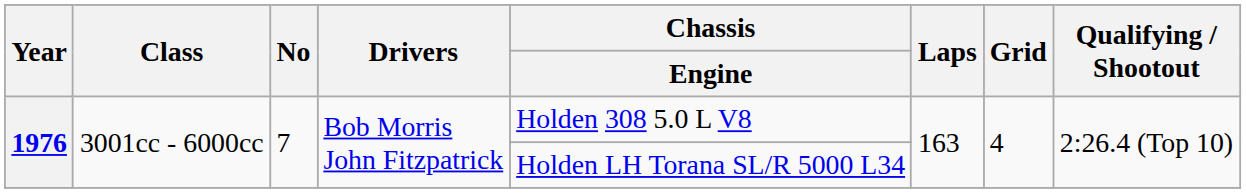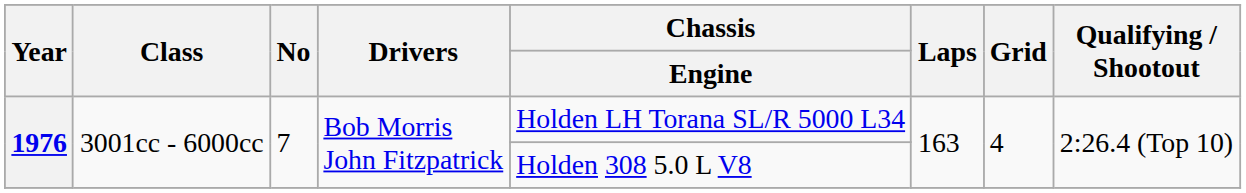 <table class="wikitable" style="font-size: 95%;">
 <tr>
 <th rowspan=2>Year</th>
 <th rowspan=2>Class</th>
 <th rowspan=2>No</th>
 <th rowspan=2>Drivers</th>
 <th>Chassis</th>
 <th rowspan=2>Laps</th>
 <th rowspan=2>Grid</th>
 <th rowspan=2>Qualifying /<br>Shootout</th>
 </tr>
 <tr>
 <th>Engine</th>
 </tr>
 <tr>
 <th rowspan=2><a href='#'>1976</a></th>
 <td rowspan=2>3001cc - 6000cc</td>
 <td rowspan=2>7</td>
 <td rowspan=2> <a href='#'>Bob Morris</a><br> <a href='#'>John Fitzpatrick</a></td>
-<td><a href='#'>Holden</a> <a href='#'>308</a> 5.0 L <a href='#'>V8</a></td>
+<td><a href='#'>Holden LH Torana SL/R 5000 L34</a></td>
 <td rowspan=2>163</td>
 <td rowspan=2>4</td>
 <td rowspan=2>2:26.4 (Top 10)</td>
 </tr>
 <tr>
-<td><a href='#'>Holden LH Torana SL/R 5000 L34</a></td>
+<td><a href='#'>Holden</a> <a href='#'>308</a> 5.0 L <a href='#'>V8</a></td>
 </tr>
 </table>
